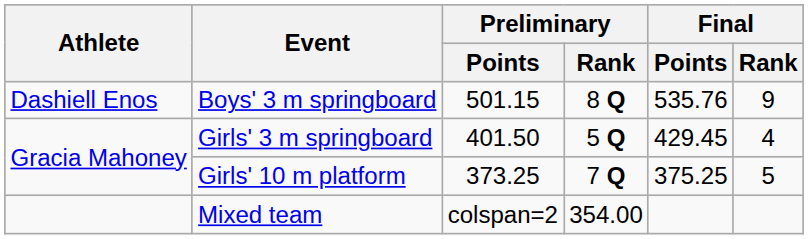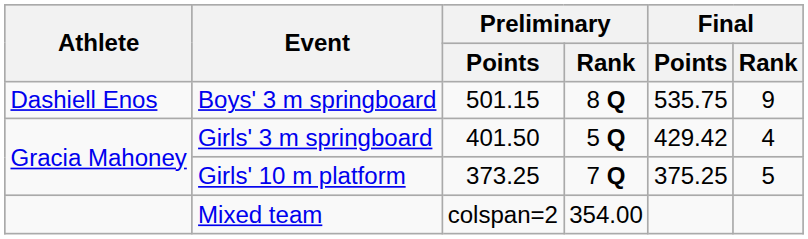 <table class="wikitable" style="font-size:90%;">
 <tr>
 <th rowspan=2>Athlete</th>
 <th rowspan=2>Event</th>
 <th colspan=2>Preliminary</th>
 <th colspan=2>Final</th>
 </tr>
 <tr>
 <th>Points</th>
 <th>Rank</th>
 <th>Points</th>
 <th>Rank</th>
 </tr>
 <tr align=center>
 <td align=left><a href='#'>Dashiell Enos</a></td>
 <td align=left><a href='#'>Boys' 3 m springboard</a></td>
 <td>501.15</td>
 <td>8 <strong>Q</strong></td>
-<td>535.76</td>
+<td>535.75</td>
 <td>9</td>
 </tr>
 <tr align=center>
 <td align=left rowspan=2><a href='#'>Gracia Mahoney</a></td>
 <td align=left><a href='#'>Girls' 3 m springboard</a></td>
 <td>401.50</td>
 <td>5 <strong>Q</strong></td>
-<td>429.45</td>
+<td>429.42</td>
 <td>4</td>
 </tr>
 <tr align=center>
 <td align=left><a href='#'>Girls' 10 m platform</a></td>
 <td>373.25</td>
 <td>7 <strong>Q</strong></td>
 <td>375.25</td>
 <td>5</td>
 </tr>
 <tr align=center>
 <td align=left><br></td>
 <td align=left><a href='#'>Mixed team</a></td>
 <td>colspan=2 </td>
 <td>354.00</td>
 <td></td>
 </tr>
 </table>
